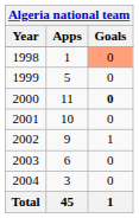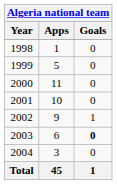 <table class="wikitable" style="text-align:center">
 <tr>
 <th colspan=3><a href='#'>Algeria national team</a></th>
 </tr>
 <tr>
 <th>Year</th>
 <th>Apps</th>
 <th>Goals</th>
 </tr>
 <tr>
 </tr>
 <tr>
 <td>1998</td>
 <td>1</td>
-<td style="background: lightsalmon;">0</td>
+<td>0</td>
 </tr>
 <tr>
 <td>1999</td>
 <td>5</td>
 <td>0</td>
 </tr>
 <tr>
 <td>2000</td>
 <td>11</td>
-<td><strong>0</strong></td>
+<td>0</td>
 </tr>
 <tr>
 <td>2001</td>
 <td>10</td>
 <td>0</td>
 </tr>
 <tr>
 <td>2002</td>
 <td>9</td>
 <td>1</td>
 </tr>
 <tr>
 <td>2003</td>
 <td>6</td>
-<td>0</td>
+<td><strong>0</strong></td>
 </tr>
 <tr>
 <td>2004</td>
 <td>3</td>
 <td>0</td>
 </tr>
 <tr>
 <th>Total</th>
 <th>45</th>
 <th>1</th>
 </tr>
 </table>
